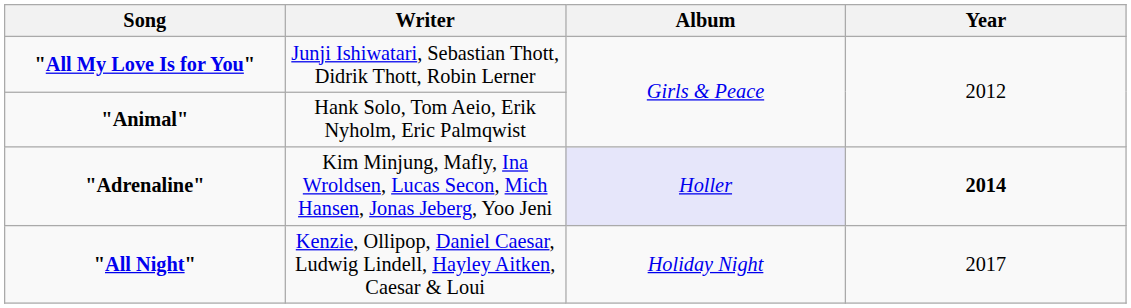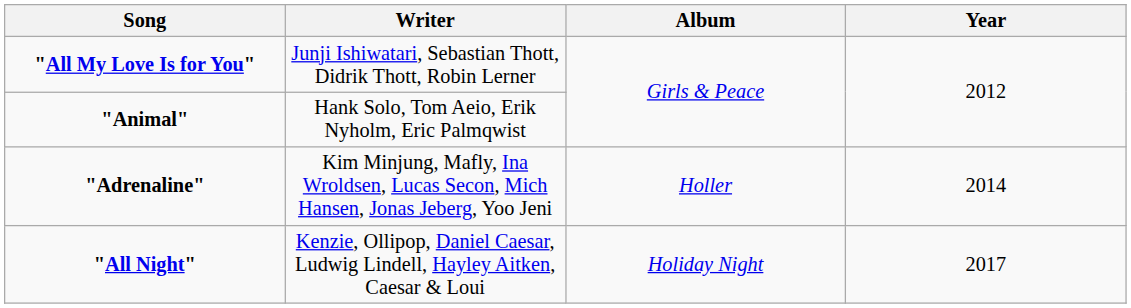 <table class="wikitable" style="text-align:center; width:100%">
 <tr>
 <th style="width:25%">Song</th>
 <th style="width:25%">Writer</th>
 <th style="width:25%">Album</th>
 <th style="width:25%">Year</th>
 </tr>
 <tr>
 <td><strong>"<a href='#'>All My Love Is for You</a>"</strong></td>
 <td><a href='#'>Junji Ishiwatari</a>, Sebastian Thott, Didrik Thott, Robin Lerner</td>
 <td rowspan="2"><em><a href='#'>Girls & Peace</a></em></td>
 <td rowspan="2">2012</td>
 </tr>
 <tr>
 <td><strong>"Animal"</strong></td>
 <td>Hank Solo, Tom Aeio, Erik Nyholm, Eric Palmqwist</td>
 </tr>
 <tr>
 <td><strong>"Adrenaline"</strong></td>
 <td>Kim Minjung, Mafly, <a href='#'>Ina Wroldsen</a>, <a href='#'>Lucas Secon</a>, <a href='#'>Mich Hansen</a>, <a href='#'>Jonas Jeberg</a>, Yoo Jeni</td>
-<td style="background: lavender;"><em><a href='#'>Holler</a></em></td>
-<td><strong>2014</strong></td>
+<td><em><a href='#'>Holler</a></em></td>
+<td>2014</td>
 </tr>
 <tr>
 <td><strong>"<a href='#'>All Night</a>"</strong></td>
 <td><a href='#'>Kenzie</a>, Ollipop, <a href='#'>Daniel Caesar</a>, Ludwig Lindell, <a href='#'>Hayley Aitken</a>, Caesar & Loui</td>
 <td><em><a href='#'>Holiday Night</a></em></td>
 <td>2017</td>
 </tr>
 </table>
